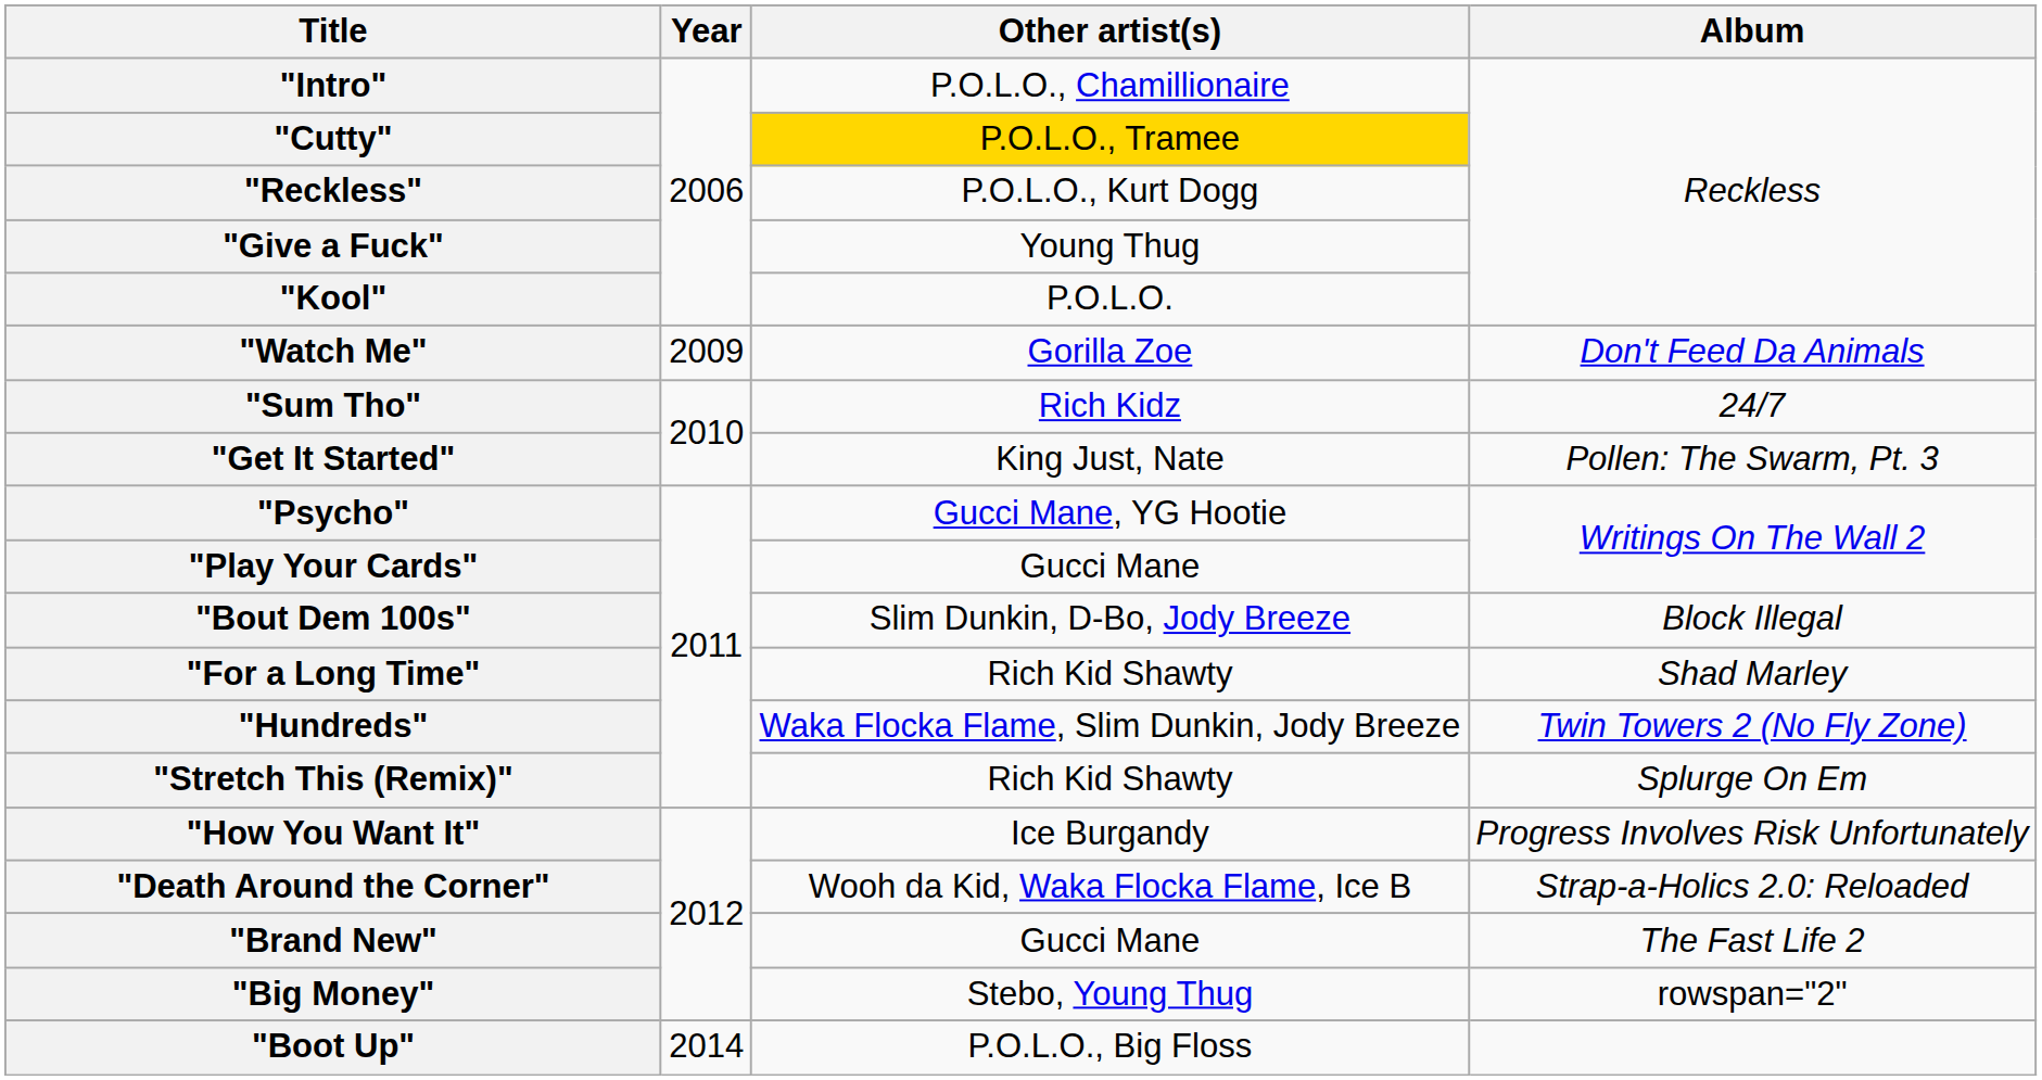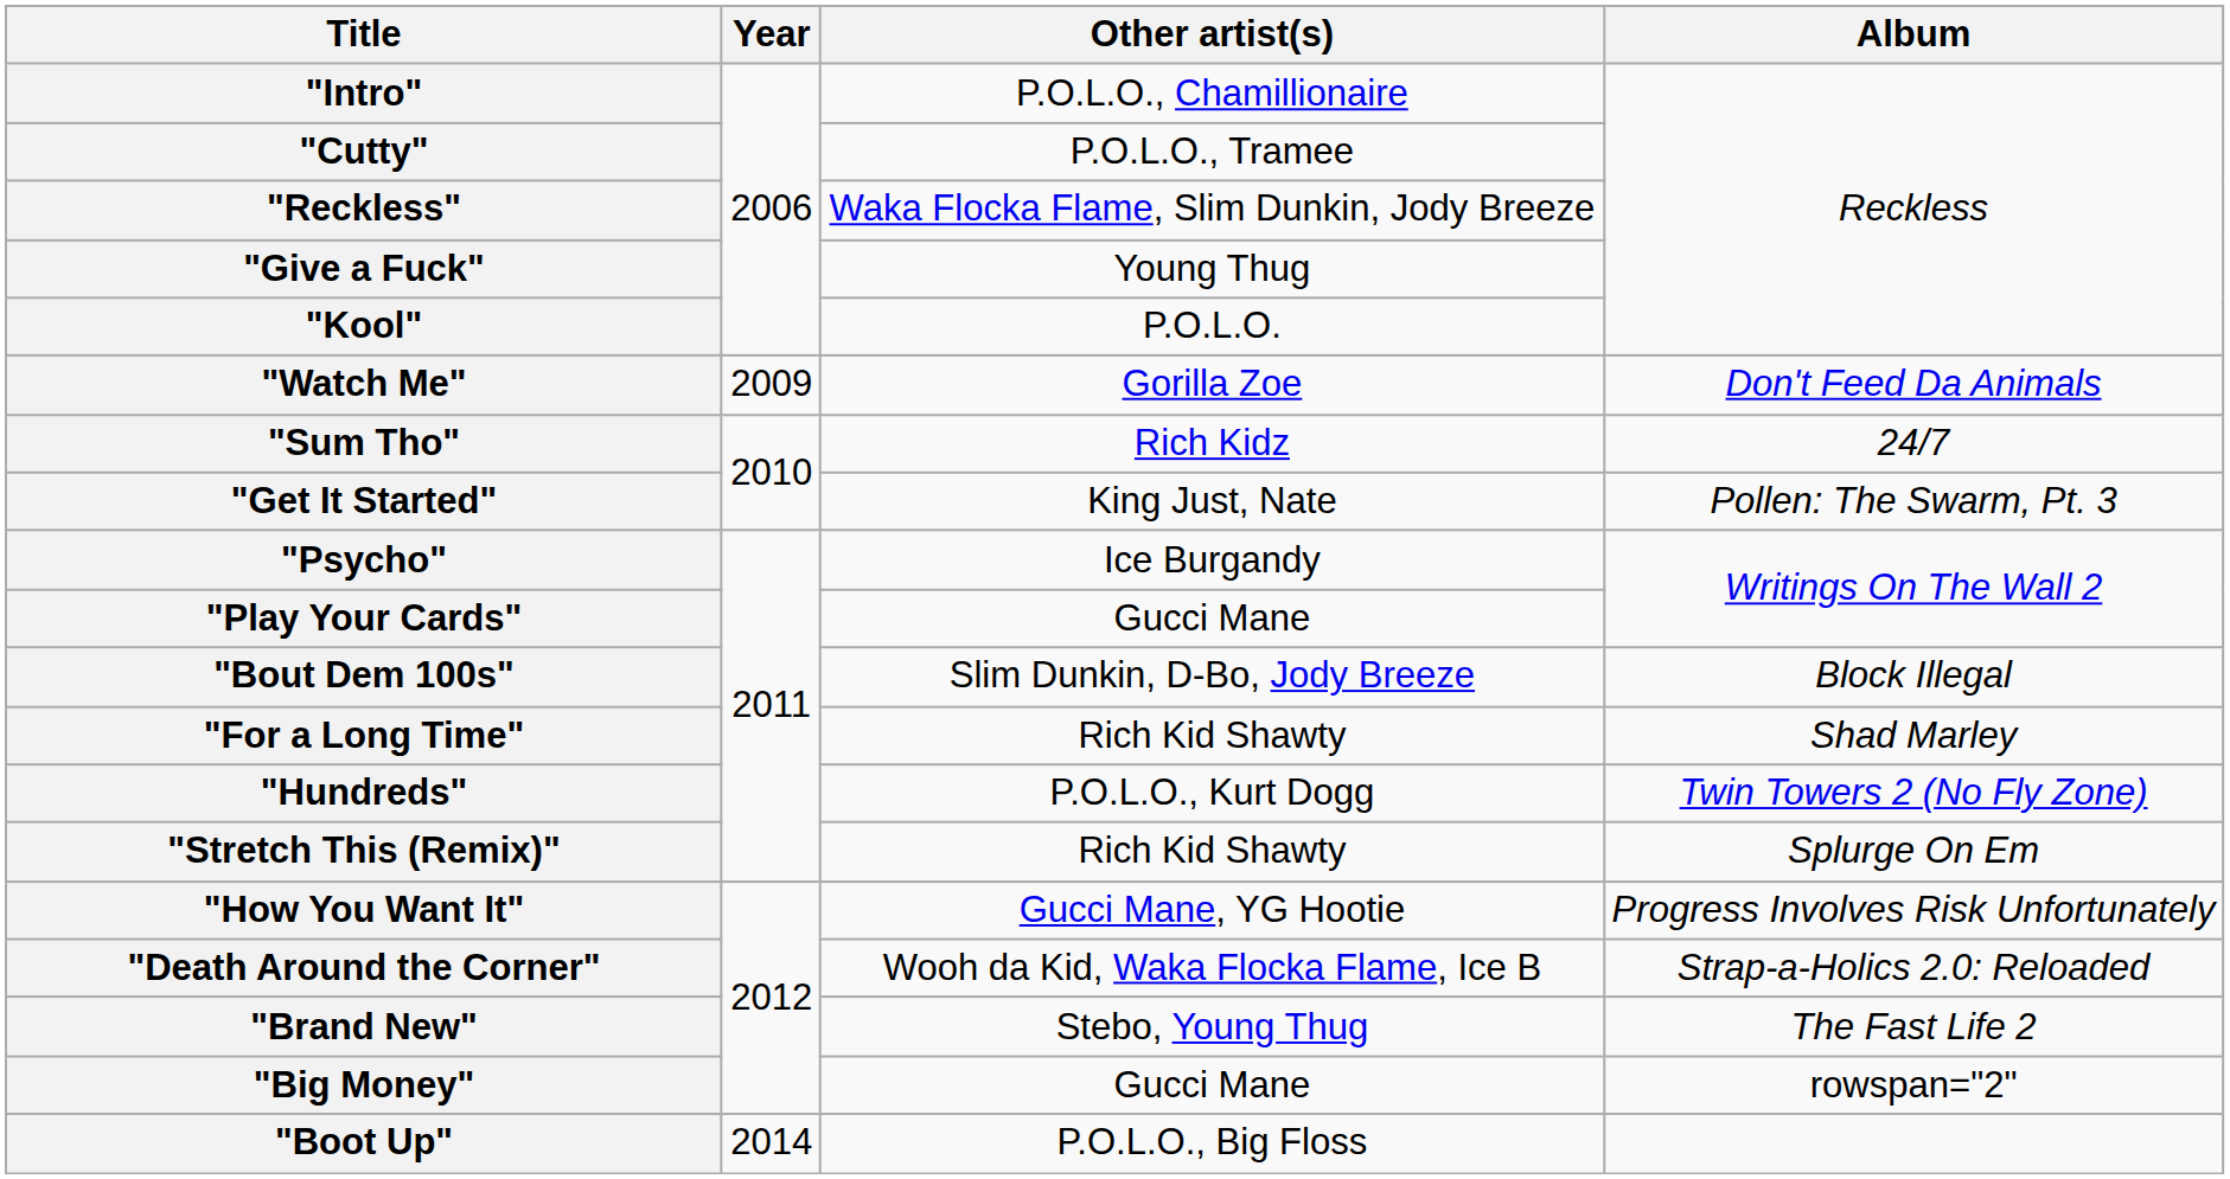 <table class="wikitable plainrowheaders" style="text-align:center;">
 <tr>
 <th scope="col" style="width:19em;">Title</th>
 <th scope="col">Year</th>
 <th scope="col">Other artist(s)</th>
 <th scope="col">Album</th>
 </tr>
 <tr>
 <th scope="row">"Intro"</th>
 <td rowspan="5">2006</td>
 <td>P.O.L.O., <a href='#'>Chamillionaire</a></td>
 <td rowspan="5"><em>Reckless</em></td>
 </tr>
 <tr>
 <th scope="row">"Cutty"</th>
-<td style="background: gold;">P.O.L.O., Tramee</td>
+<td>P.O.L.O., Tramee</td>
 </tr>
 <tr>
 <th scope="row">"Reckless"</th>
-<td>P.O.L.O., Kurt Dogg</td>
+<td><a href='#'>Waka Flocka Flame</a>, Slim Dunkin, Jody Breeze</td>
 </tr>
 <tr>
 <th scope="row">"Give a Fuck"</th>
 <td>Young Thug</td>
 </tr>
 <tr>
 <th scope="row">"Kool"</th>
 <td>P.O.L.O.</td>
 </tr>
 <tr>
 <th scope="row">"Watch Me"</th>
 <td>2009</td>
 <td><a href='#'>Gorilla Zoe</a></td>
 <td><em><a href='#'>Don't Feed Da Animals</a></em></td>
 </tr>
 <tr>
 <th scope="row">"Sum Tho"</th>
 <td rowspan="2">2010</td>
 <td><a href='#'>Rich Kidz</a></td>
 <td><em>24/7</em></td>
 </tr>
 <tr>
 <th scope="row">"Get It Started"</th>
 <td>King Just, Nate</td>
 <td><em>Pollen: The Swarm, Pt. 3</em></td>
 </tr>
 <tr>
 <th scope="row">"Psycho"</th>
 <td rowspan="6">2011</td>
-<td><a href='#'>Gucci Mane</a>, YG Hootie</td>
+<td>Ice Burgandy</td>
 <td rowspan="2"><em><a href='#'>Writings On The Wall 2</a></em></td>
 </tr>
 <tr>
 <th scope="row">"Play Your Cards"</th>
 <td>Gucci Mane</td>
 </tr>
 <tr>
 <th scope="row">"Bout Dem 100s"</th>
 <td>Slim Dunkin, D-Bo, <a href='#'>Jody Breeze</a></td>
 <td><em>Block Illegal</em></td>
 </tr>
 <tr>
 <th scope="row">"For a Long Time"</th>
 <td>Rich Kid Shawty</td>
 <td><em>Shad Marley</em></td>
 </tr>
 <tr>
 <th scope="row">"Hundreds"</th>
-<td><a href='#'>Waka Flocka Flame</a>, Slim Dunkin, Jody Breeze</td>
+<td>P.O.L.O., Kurt Dogg</td>
 <td><em><a href='#'>Twin Towers 2 (No Fly Zone)</a></em></td>
 </tr>
 <tr>
 <th scope="row">"Stretch This (Remix)"</th>
 <td>Rich Kid Shawty</td>
 <td><em>Splurge On Em</em></td>
 </tr>
 <tr>
 <th scope="row">"How You Want It"</th>
 <td rowspan="4">2012</td>
-<td>Ice Burgandy</td>
+<td><a href='#'>Gucci Mane</a>, YG Hootie</td>
 <td><em>Progress Involves Risk Unfortunately</em></td>
 </tr>
 <tr>
 <th scope="row">"Death Around the Corner"</th>
 <td>Wooh da Kid, <a href='#'>Waka Flocka Flame</a>, Ice B</td>
 <td><em>Strap-a-Holics 2.0: Reloaded</em></td>
 </tr>
 <tr>
 <th scope="row">"Brand New"</th>
-<td>Gucci Mane</td>
+<td>Stebo, <a href='#'>Young Thug</a></td>
 <td><em>The Fast Life 2</em></td>
 </tr>
 <tr>
 <th scope="row">"Big Money"</th>
-<td>Stebo, <a href='#'>Young Thug</a></td>
+<td>Gucci Mane</td>
 <td>rowspan="2" </td>
 </tr>
 <tr>
 <th scope="row">"Boot Up"</th>
 <td>2014</td>
 <td>P.O.L.O., Big Floss</td>
 </tr>
 </table>
